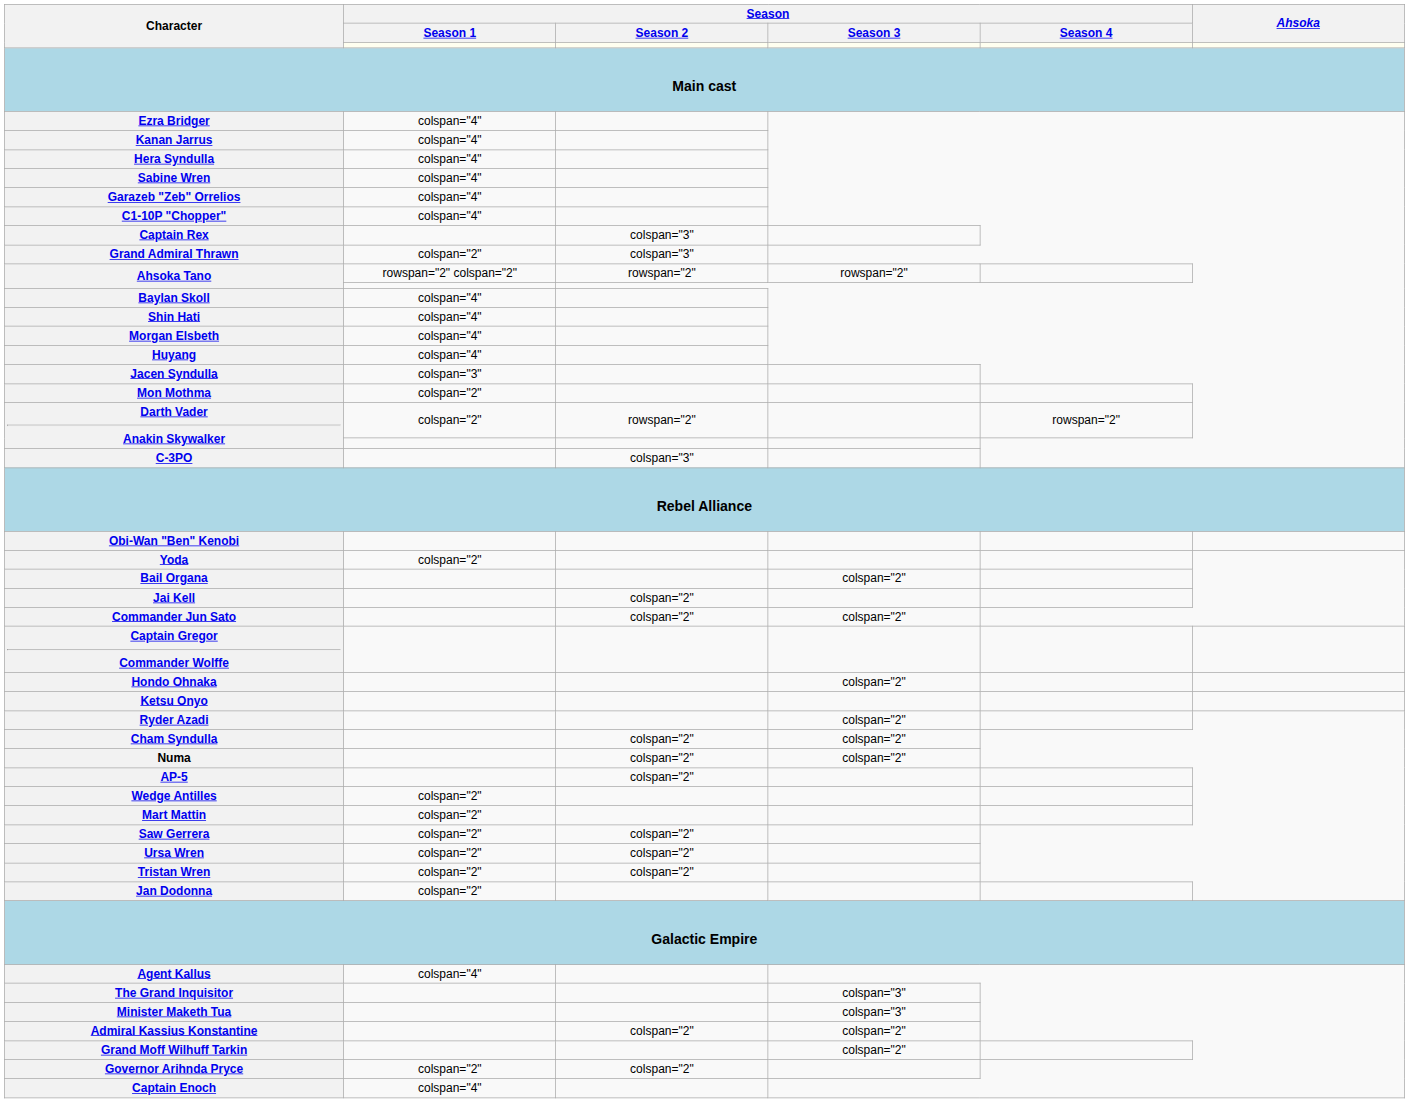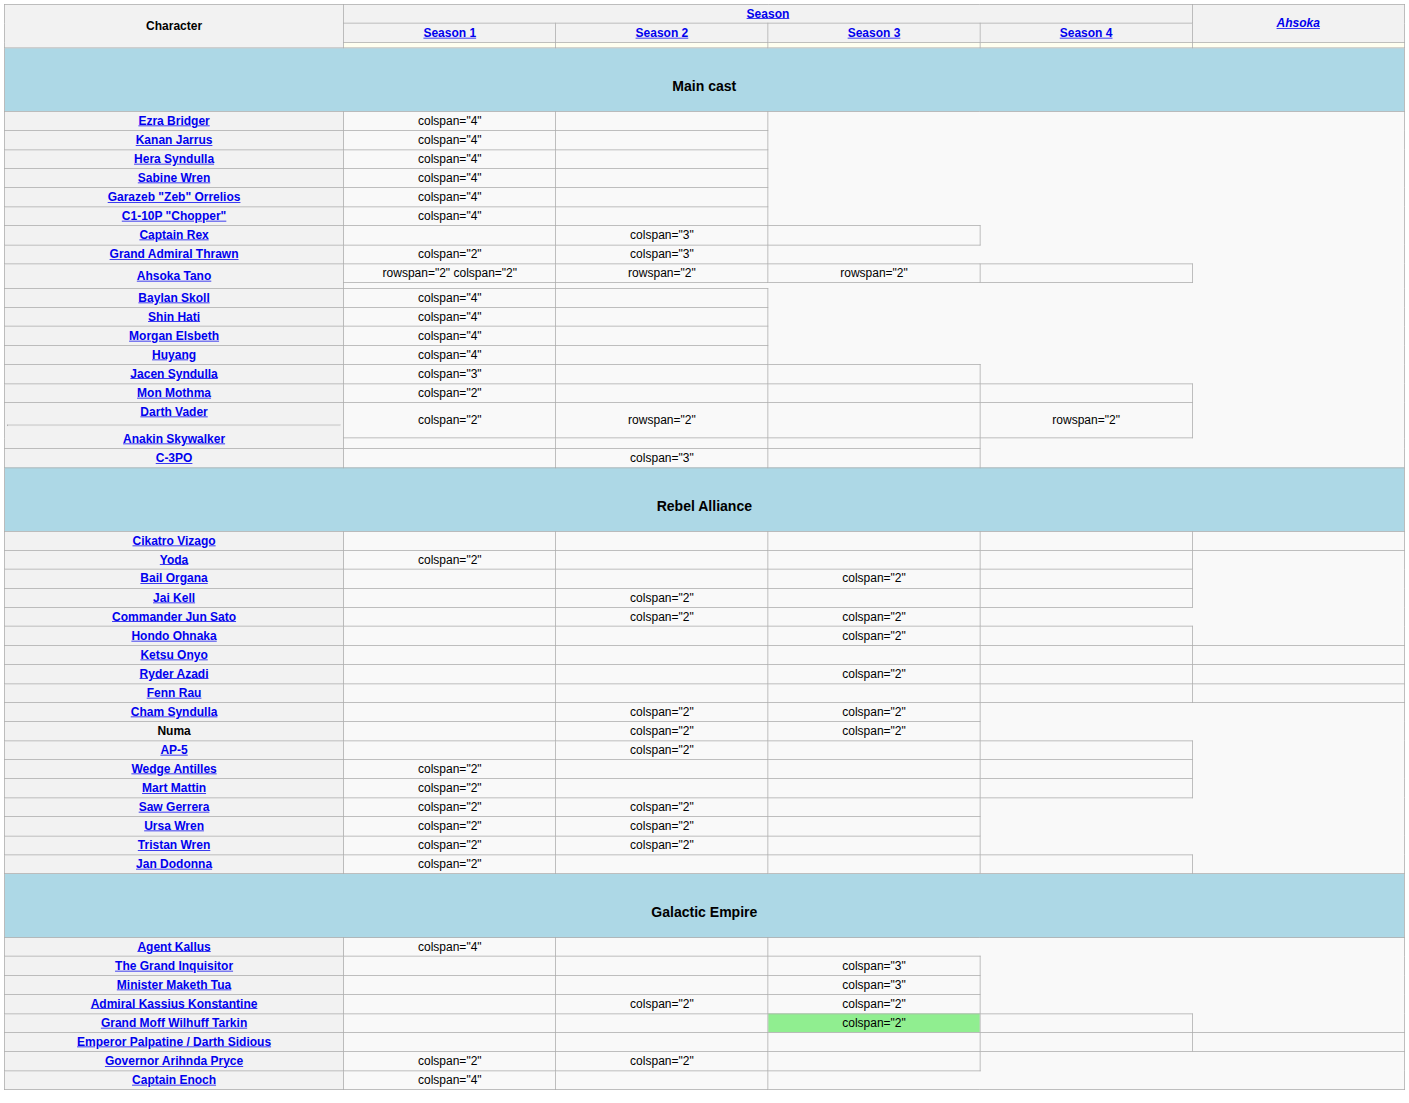 <table class="wikitable" style="text-align:center">
 <tr>
 <th rowspan="3" width="16%">Character</th>
 <th colspan="4" align="center"><a href='#'>Season</a></th>
 <th rowspan="2" width="10%"><a href='#'><em>Ahsoka</em></a></th>
 </tr>
 <tr>
 <th align="center" width="10%"><a href='#'>Season 1</a></th>
 <th align="center" width="10%"><a href='#'>Season 2</a></th>
 <th align="center" width="10%"><a href='#'>Season 3</a></th>
 <th align="center" width="10%"><a href='#'>Season 4</a></th>
 </tr>
 <tr>
 <th style="background:ivory;"></th>
 <th style="background:ivory;"></th>
 <th style="background:ivory;"></th>
 <th style="background:ivory;"></th>
 <th style="background:ivory;"></th>
 </tr>
 <tr>
 <th colspan="6" style="background-color:lightblue;"><br><h3>Main cast</h3></th>
 </tr>
 <tr>
 <th><a href='#'>Ezra Bridger</a></th>
 <td>colspan="4" </td>
 <td></td>
 </tr>
 <tr>
 <th><a href='#'>Kanan Jarrus</a></th>
 <td>colspan="4" </td>
 <td></td>
 </tr>
 <tr>
 <th><a href='#'>Hera Syndulla</a></th>
 <td>colspan="4" </td>
 <td></td>
 </tr>
 <tr>
 <th><a href='#'>Sabine Wren</a></th>
 <td>colspan="4" </td>
 <td></td>
 </tr>
 <tr>
 <th><a href='#'>Garazeb "Zeb" Orrelios</a></th>
 <td>colspan="4" </td>
 <td></td>
 </tr>
 <tr>
 <th><a href='#'>C1-10P "Chopper"</a></th>
 <td>colspan="4" </td>
 <td></td>
 </tr>
 <tr>
 <th><a href='#'>Captain Rex</a></th>
 <td></td>
 <td>colspan="3" </td>
 <td></td>
 </tr>
 <tr>
 <th><a href='#'>Grand Admiral Thrawn</a></th>
 <td>colspan="2" </td>
 <td>colspan="3" </td>
 </tr>
 <tr>
 <th rowspan="2"><a href='#'>Ahsoka Tano</a></th>
 <td>rowspan="2" colspan="2" </td>
 <td>rowspan="2" </td>
 <td>rowspan="2" </td>
 <td></td>
 </tr>
 <tr>
 <td></td>
 </tr>
 <tr>
 <th><a href='#'>Baylan Skoll</a></th>
 <td>colspan="4" </td>
 <td></td>
 </tr>
 <tr>
 <th><a href='#'>Shin Hati</a></th>
 <td>colspan="4" </td>
 <td></td>
 </tr>
 <tr>
 <th><a href='#'>Morgan Elsbeth</a></th>
 <td>colspan="4" </td>
 <td></td>
 </tr>
 <tr>
 <th><a href='#'>Huyang</a></th>
 <td>colspan="4" </td>
 <td></td>
 </tr>
 <tr>
 <th><a href='#'>Jacen Syndulla</a></th>
 <td>colspan="3" </td>
 <td></td>
 <td></td>
 </tr>
 <tr>
 <th><a href='#'>Mon Mothma</a></th>
 <td>colspan="2" </td>
 <td></td>
 <td></td>
 <td></td>
 </tr>
 <tr>
 <th rowspan="2"><a href='#'>Darth Vader <hr> Anakin Skywalker</a></th>
 <td>colspan="2" </td>
 <td>rowspan="2" </td>
 <td></td>
 <td>rowspan="2" </td>
 </tr>
 <tr>
 <td></td>
 <td></td>
 <td></td>
 </tr>
 <tr>
 <th><a href='#'>C-3PO</a></th>
 <td></td>
 <td>colspan="3" </td>
 <td></td>
 </tr>
 <tr>
 <th colspan="6" style="background-color:lightblue;"><br><h3>Rebel Alliance</h3></th>
 </tr>
 <tr>
-<th><a href='#'>Obi-Wan "Ben" Kenobi</a></th>
+<th><a href='#'>Cikatro Vizago</a></th>
 <td></td>
 <td></td>
 <td></td>
 <td></td>
 <td></td>
 </tr>
 <tr>
 <th><a href='#'>Yoda</a></th>
 <td>colspan="2" </td>
 <td></td>
 <td></td>
 <td></td>
 </tr>
 <tr>
 <th><a href='#'>Bail Organa</a></th>
 <td></td>
 <td></td>
 <td>colspan="2" </td>
 <td></td>
 </tr>
 <tr>
 <th><a href='#'>Jai Kell</a></th>
 <td></td>
 <td>colspan="2" </td>
 <td></td>
 <td></td>
 </tr>
 <tr>
 <th><a href='#'>Commander Jun Sato</a></th>
 <td></td>
 <td>colspan="2" </td>
 <td>colspan="2" </td>
 </tr>
 <tr>
-<th><a href='#'>Captain Gregor</a><hr><a href='#'>Commander Wolffe</a></th>
-<td></td>
-<td></td>
-<td></td>
-<td></td>
-<td></td>
-</tr>
-<tr>
 <th><a href='#'>Hondo Ohnaka</a></th>
 <td></td>
 <td></td>
 <td>colspan="2" </td>
 <td></td>
 </tr>
 <tr>
 <th><a href='#'>Ketsu Onyo</a></th>
 <td></td>
 <td></td>
 <td></td>
 <td></td>
 <td></td>
 </tr>
 <tr>
 <th><a href='#'>Ryder Azadi</a></th>
 <td></td>
 <td></td>
 <td>colspan="2" </td>
+<td></td>
+</tr>
+<tr>
+<th><a href='#'>Fenn Rau</a></th>
+<td></td>
+<td></td>
+<td></td>
+<td></td>
 <td></td>
 </tr>
 <tr>
 <th><a href='#'>Cham Syndulla</a></th>
 <td></td>
 <td>colspan="2" </td>
 <td>colspan="2" </td>
 </tr>
 <tr>
 <th>Numa</th>
 <td></td>
 <td>colspan="2" </td>
 <td>colspan="2" </td>
 </tr>
 <tr>
 <th><a href='#'>AP-5</a></th>
 <td></td>
 <td>colspan="2" </td>
 <td></td>
 <td></td>
 </tr>
 <tr>
 <th><a href='#'>Wedge Antilles</a></th>
 <td>colspan="2" </td>
 <td></td>
 <td></td>
 <td></td>
 </tr>
 <tr>
 <th><a href='#'>Mart Mattin</a></th>
 <td>colspan="2" </td>
 <td></td>
 <td></td>
 <td></td>
 </tr>
 <tr>
 <th><a href='#'>Saw Gerrera</a></th>
 <td>colspan="2" </td>
 <td>colspan="2" </td>
 <td></td>
 </tr>
 <tr>
 <th><a href='#'>Ursa Wren</a></th>
 <td>colspan="2" </td>
 <td>colspan="2" </td>
 <td></td>
 </tr>
 <tr>
 <th><a href='#'>Tristan Wren</a></th>
 <td>colspan="2" </td>
 <td>colspan="2" </td>
 <td></td>
 </tr>
 <tr>
 <th><a href='#'>Jan Dodonna</a></th>
 <td>colspan="2" </td>
 <td></td>
 <td></td>
 <td></td>
 </tr>
 <tr>
 <th colspan="6" style="background-color:lightblue;"><br><h3>Galactic Empire</h3></th>
 </tr>
 <tr>
 <th><a href='#'>Agent Kallus</a></th>
 <td>colspan="4" </td>
 <td></td>
 </tr>
 <tr>
 <th><a href='#'>The Grand Inquisitor</a></th>
 <td></td>
 <td></td>
 <td>colspan="3" </td>
 </tr>
 <tr>
 <th><a href='#'>Minister Maketh Tua</a></th>
 <td></td>
 <td></td>
 <td>colspan="3" </td>
 </tr>
 <tr>
 <th><a href='#'>Admiral Kassius Konstantine</a></th>
 <td></td>
 <td>colspan="2" </td>
 <td>colspan="2" </td>
 </tr>
 <tr>
 <th><a href='#'>Grand Moff Wilhuff Tarkin</a></th>
 <td></td>
 <td></td>
-<td>colspan="2" </td>
+<td style="background: lightgreen;">colspan="2" </td>
+<td></td>
+</tr>
+<tr>
+<th><a href='#'>Emperor Palpatine / Darth Sidious</a></th>
+<td></td>
+<td></td>
+<td></td>
+<td></td>
 <td></td>
 </tr>
 <tr>
 <th><a href='#'>Governor Arihnda Pryce</a></th>
 <td>colspan="2" </td>
 <td>colspan="2" </td>
 <td></td>
 </tr>
 <tr>
 <th><a href='#'>Captain Enoch</a></th>
 <td>colspan="4" </td>
 <td></td>
 </tr>
 </table>
